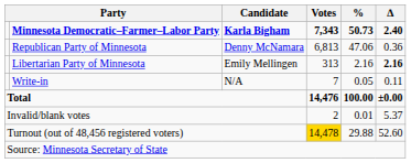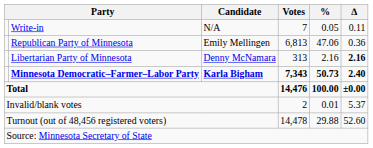 <table class="wikitable">
 <tr>
 <th colspan="2">Party</th>
 <th>Candidate</th>
 <th>Votes</th>
 <th>%</th>
 <th>∆</th>
 </tr>
 <tr>
 <td style="background-color:"></td>
-<td><strong><a href='#'>Minnesota Democratic–Farmer–Labor Party</a></strong></td>
-<td><strong><a href='#'>Karla Bigham</a></strong></td>
-<td align="right"><strong>7,343</strong></td>
-<td align="right"><strong>50.73</strong></td>
-<td align="right"><strong>2.40</strong></td>
+<td><a href='#'>Write-in</a></td>
+<td>N/A</td>
+<td align="right">7</td>
+<td align="right">0.05</td>
+<td align="right">0.11</td>
 </tr>
 <tr>
 <td style="background-color:"></td>
 <td><a href='#'>Republican Party of Minnesota</a></td>
-<td><a href='#'>Denny McNamara</a></td>
+<td>Emily Mellingen</td>
 <td align="right">6,813</td>
 <td align="right">47.06</td>
 <td align="right">0.36</td>
 </tr>
 <tr>
 <td style="background-color:"></td>
 <td><a href='#'>Libertarian Party of Minnesota</a></td>
-<td>Emily Mellingen</td>
+<td><a href='#'>Denny McNamara</a></td>
 <td align="right">313</td>
 <td align="right">2.16</td>
 <td align="right"><strong>2.16</strong></td>
 </tr>
 <tr>
 <td style="background-color:"></td>
-<td><a href='#'>Write-in</a></td>
-<td>N/A</td>
-<td align="right">7</td>
-<td align="right">0.05</td>
-<td align="right">0.11</td>
+<td><strong><a href='#'>Minnesota Democratic–Farmer–Labor Party</a></strong></td>
+<td><strong><a href='#'>Karla Bigham</a></strong></td>
+<td align="right"><strong>7,343</strong></td>
+<td align="right"><strong>50.73</strong></td>
+<td align="right"><strong>2.40</strong></td>
 </tr>
 <tr>
 <td colspan="3"><strong>Total</strong></td>
 <td align="right"><strong>14,476</strong></td>
 <td align="right"><strong>100.00</strong></td>
 <td align="right"><strong>±0.00</strong></td>
 </tr>
 <tr>
 <td colspan="3">Invalid/blank votes</td>
 <td align="right">2</td>
 <td align="right">0.01</td>
 <td align="right">5.37</td>
 </tr>
 <tr>
 <td colspan="3">Turnout (out of 48,456 registered voters)</td>
-<td align="right" style="background: gold;">14,478</td>
+<td align="right">14,478</td>
 <td align="right">29.88</td>
 <td align="right">52.60</td>
 </tr>
 <tr>
 <td colspan="6">Source: <a href='#'>Minnesota Secretary of State</a></td>
 </tr>
 </table>
